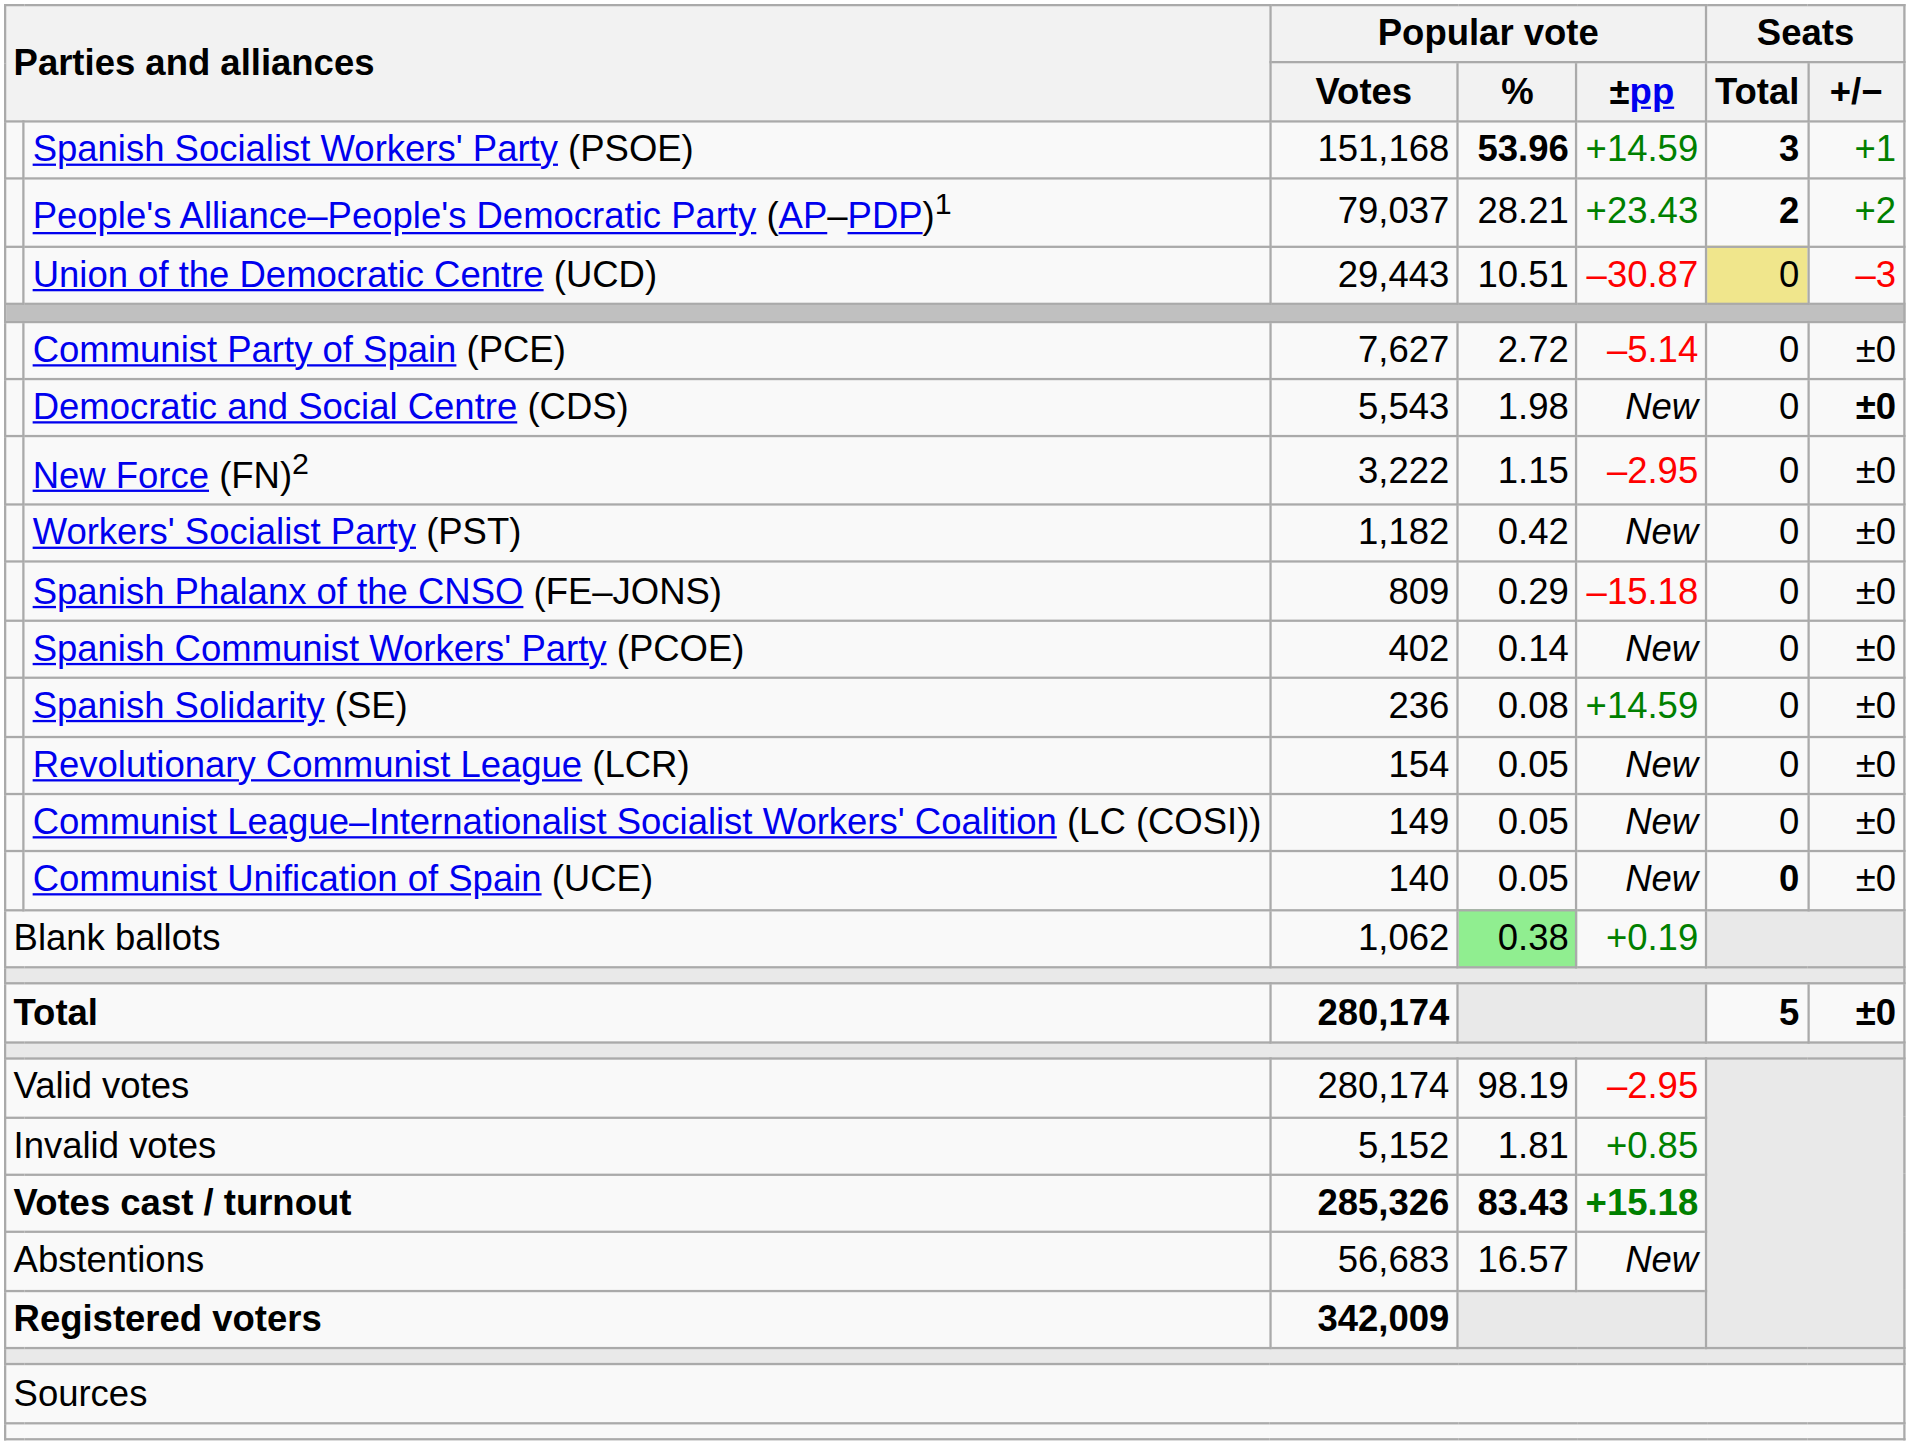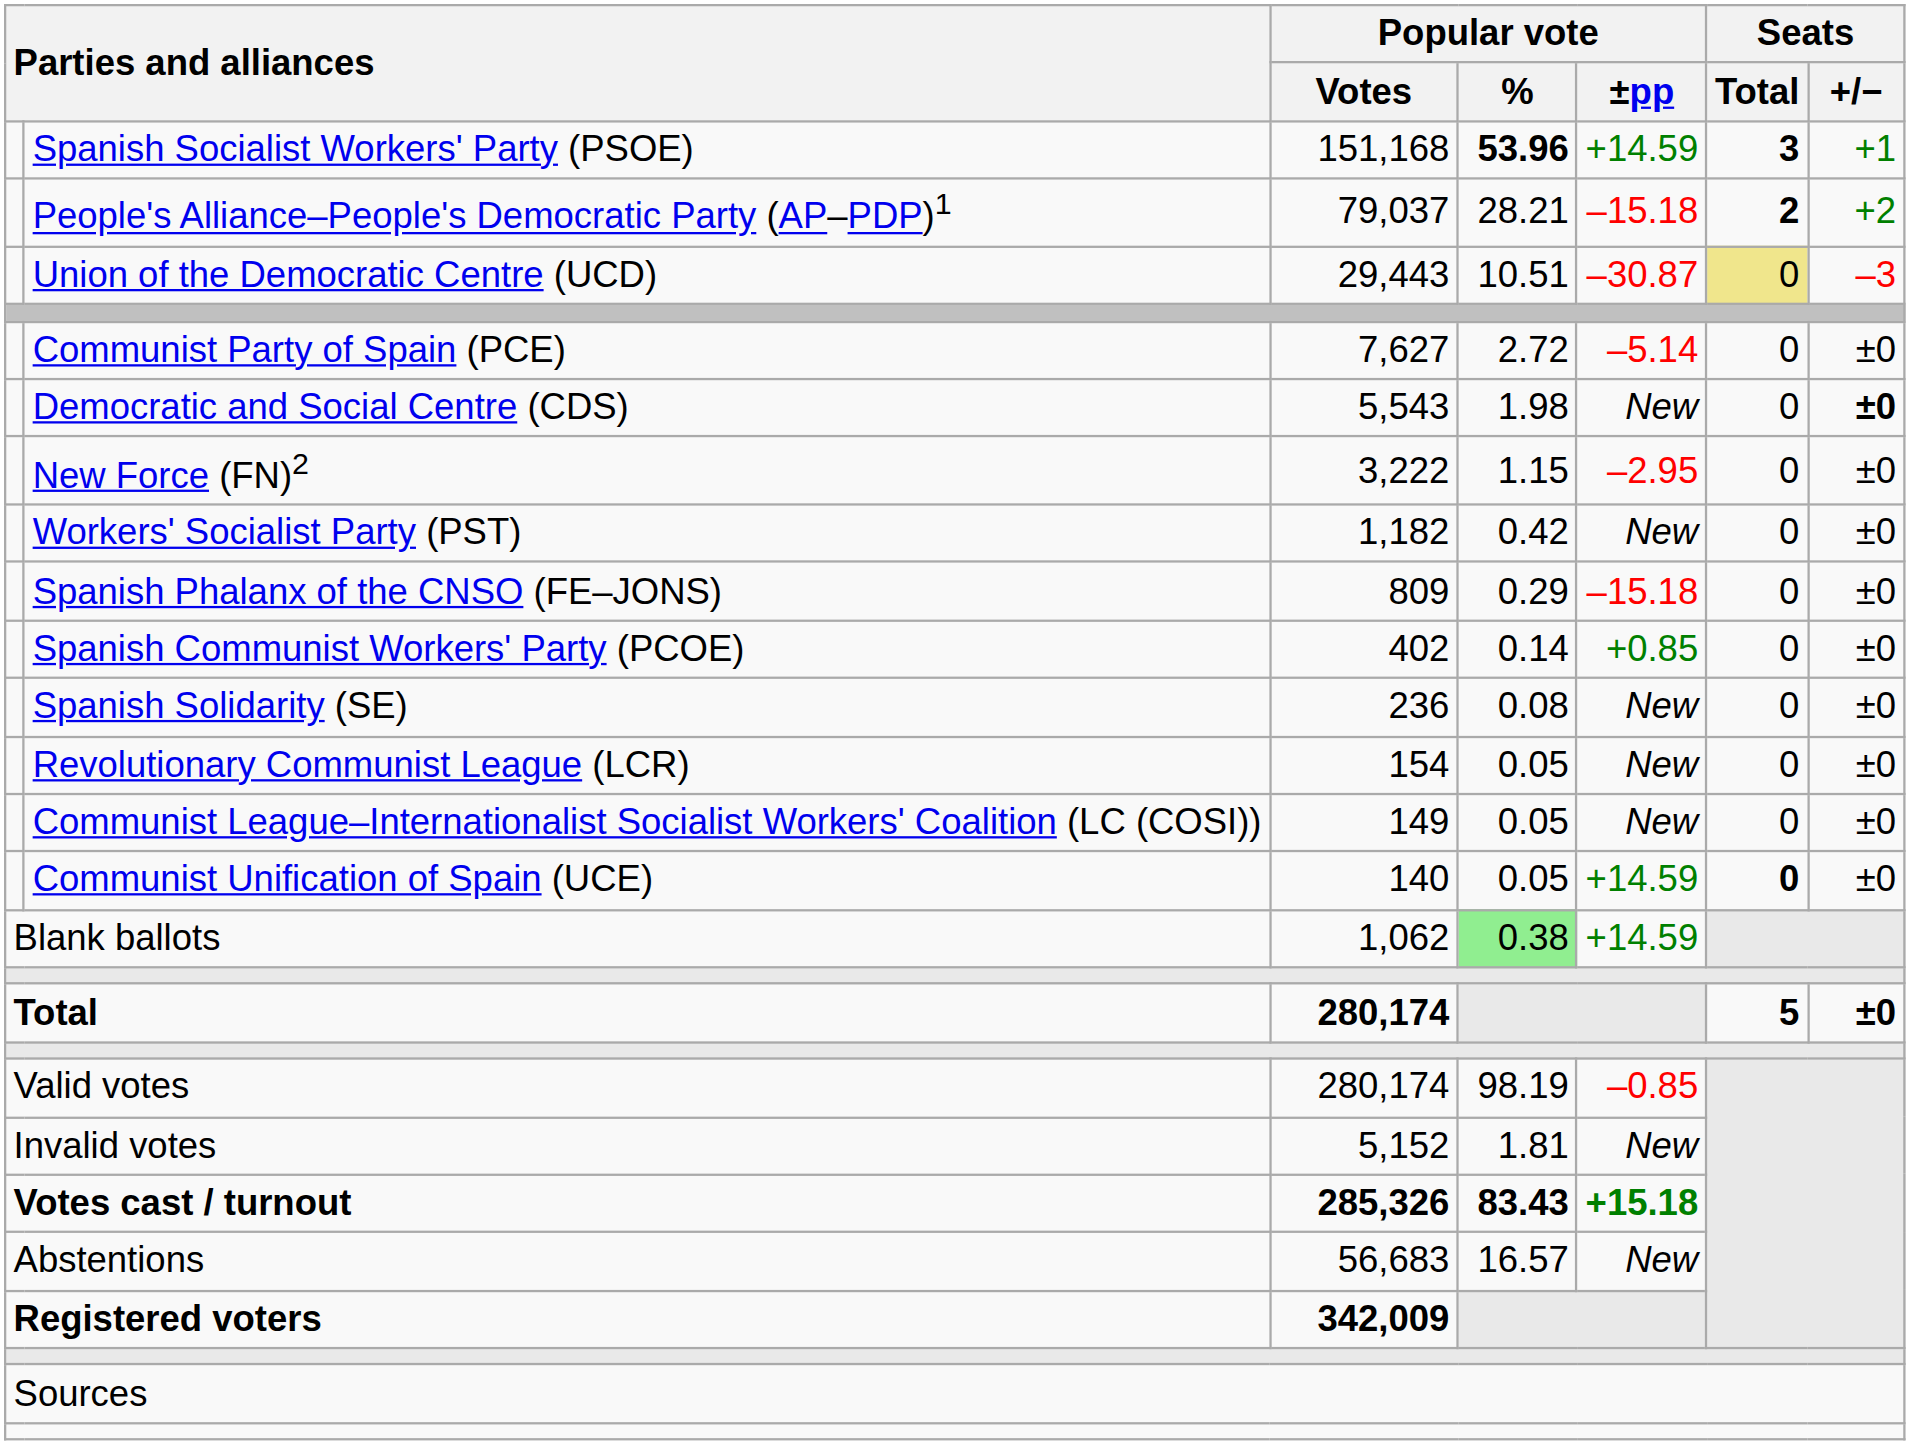 <table class="wikitable" style="text-align:right;">
 <tr>
 <th style="text-align:left;" rowspan="2" colspan="2" width="525">Parties and alliances</th>
 <th colspan="3">Popular vote</th>
 <th colspan="2">Seats</th>
 </tr>
 <tr>
 <th width="75">Votes</th>
 <th width="45">%</th>
 <th width="45">±<a href='#'>pp</a></th>
 <th width="35">Total</th>
 <th width="35">+/−</th>
 </tr>
 <tr>
 <td width="1" style="color:inherit;background:"></td>
 <td align="left"><a href='#'>Spanish Socialist Workers' Party</a> (PSOE)</td>
 <td>151,168</td>
 <td><strong>53.96</strong></td>
 <td style="color:green;">+14.59</td>
 <td><strong>3</strong></td>
 <td style="color:green;">+1</td>
 </tr>
 <tr>
 <td style="color:inherit;background:"></td>
 <td align="left"><a href='#'>People's Alliance–People's Democratic Party</a> (<a href='#'>AP</a>–<a href='#'>PDP</a>)<sup>1</sup></td>
 <td>79,037</td>
 <td>28.21</td>
-<td style="color:green;">+23.43</td>
+<td style="color:red;">–15.18</td>
 <td><strong>2</strong></td>
 <td style="color:green;">+2</td>
 </tr>
 <tr>
 <td style="color:inherit;background:"></td>
 <td align="left"><a href='#'>Union of the Democratic Centre</a> (UCD)</td>
 <td>29,443</td>
 <td>10.51</td>
 <td style="color:red;">–30.87</td>
 <td style="background: khaki;">0</td>
 <td style="color:red;">–3</td>
 </tr>
 <tr>
 <td colspan="7" bgcolor="#C0C0C0"></td>
 </tr>
 <tr>
 <td style="color:inherit;background:"></td>
 <td align="left"><a href='#'>Communist Party of Spain</a> (PCE)</td>
 <td>7,627</td>
 <td>2.72</td>
 <td style="color:red;">–5.14</td>
 <td>0</td>
 <td>±0</td>
 </tr>
 <tr>
 <td style="color:inherit;background:"></td>
 <td align="left"><a href='#'>Democratic and Social Centre</a> (CDS)</td>
 <td>5,543</td>
 <td>1.98</td>
 <td><em>New</em></td>
 <td>0</td>
 <td><strong>±0</strong></td>
 </tr>
 <tr>
 <td style="color:inherit;background:"></td>
 <td align="left"><a href='#'>New Force</a> (FN)<sup>2</sup></td>
 <td>3,222</td>
 <td>1.15</td>
 <td style="color:red;">–2.95</td>
 <td>0</td>
 <td>±0</td>
 </tr>
 <tr>
 <td style="color:inherit;background:"></td>
 <td align="left"><a href='#'>Workers' Socialist Party</a> (PST)</td>
 <td>1,182</td>
 <td>0.42</td>
 <td><em>New</em></td>
 <td>0</td>
 <td>±0</td>
 </tr>
 <tr>
 <td style="color:inherit;background:"></td>
 <td align="left"><a href='#'>Spanish Phalanx of the CNSO</a> (FE–JONS)</td>
 <td>809</td>
 <td>0.29</td>
 <td style="color:red;">–15.18</td>
 <td>0</td>
 <td>±0</td>
 </tr>
 <tr>
 <td style="color:inherit;background:"></td>
 <td align="left"><a href='#'>Spanish Communist Workers' Party</a> (PCOE)</td>
 <td>402</td>
 <td>0.14</td>
-<td><em>New</em></td>
+<td style="color:green;">+0.85</td>
 <td>0</td>
 <td>±0</td>
 </tr>
 <tr>
 <td style="color:inherit;background:"></td>
 <td align="left"><a href='#'>Spanish Solidarity</a> (SE)</td>
 <td>236</td>
 <td>0.08</td>
-<td style="color:green;">+14.59</td>
+<td><em>New</em></td>
 <td>0</td>
 <td>±0</td>
 </tr>
 <tr>
 <td style="color:inherit;background:"></td>
 <td align="left"><a href='#'>Revolutionary Communist League</a> (LCR)</td>
 <td>154</td>
 <td>0.05</td>
 <td><em>New</em></td>
 <td>0</td>
 <td>±0</td>
 </tr>
 <tr>
 <td style="color:inherit;background:"></td>
 <td align="left"><a href='#'>Communist League–Internationalist Socialist Workers' Coalition</a> (LC (COSI))</td>
 <td>149</td>
 <td>0.05</td>
 <td><em>New</em></td>
 <td>0</td>
 <td>±0</td>
 </tr>
 <tr>
 <td style="color:inherit;background:"></td>
 <td align="left"><a href='#'>Communist Unification of Spain</a> (UCE)</td>
 <td>140</td>
 <td>0.05</td>
-<td><em>New</em></td>
+<td style="color:green;">+14.59</td>
 <td><strong>0</strong></td>
 <td>±0</td>
 </tr>
 <tr>
 <td align="left" colspan="2">Blank ballots</td>
 <td>1,062</td>
 <td style="background: lightgreen;">0.38</td>
-<td style="color:green;">+0.19</td>
+<td style="color:green;">+14.59</td>
 <td bgcolor="#E9E9E9" colspan="2"></td>
 </tr>
 <tr>
 <td colspan="7" bgcolor="#E9E9E9"></td>
 </tr>
 <tr style="font-weight:bold;">
 <td align="left" colspan="2">Total</td>
 <td>280,174</td>
 <td bgcolor="#E9E9E9" colspan="2"></td>
 <td>5</td>
 <td>±0</td>
 </tr>
 <tr>
 <td colspan="7" bgcolor="#E9E9E9"></td>
 </tr>
 <tr>
 <td align="left" colspan="2">Valid votes</td>
 <td>280,174</td>
 <td>98.19</td>
-<td style="color:red;">–2.95</td>
+<td style="color:red;">–0.85</td>
 <td bgcolor="#E9E9E9" colspan="2" rowspan="5"></td>
 </tr>
 <tr>
 <td align="left" colspan="2">Invalid votes</td>
 <td>5,152</td>
 <td>1.81</td>
-<td style="color:green;">+0.85</td>
+<td><em>New</em></td>
 </tr>
 <tr style="font-weight:bold;">
 <td align="left" colspan="2">Votes cast / turnout</td>
 <td>285,326</td>
 <td>83.43</td>
 <td style="color:green;">+15.18</td>
 </tr>
 <tr>
 <td align="left" colspan="2">Abstentions</td>
 <td>56,683</td>
 <td>16.57</td>
 <td><em>New</em></td>
 </tr>
 <tr style="font-weight:bold;">
 <td align="left" colspan="2">Registered voters</td>
 <td>342,009</td>
 <td bgcolor="#E9E9E9" colspan="2"></td>
 </tr>
 <tr>
 <td colspan="7" bgcolor="#E9E9E9"></td>
 </tr>
 <tr>
 <td align="left" colspan="7">Sources</td>
 </tr>
 <tr>
 <td colspan="7" style="text-align:left; max-width:790px;"></td>
 </tr>
 </table>
